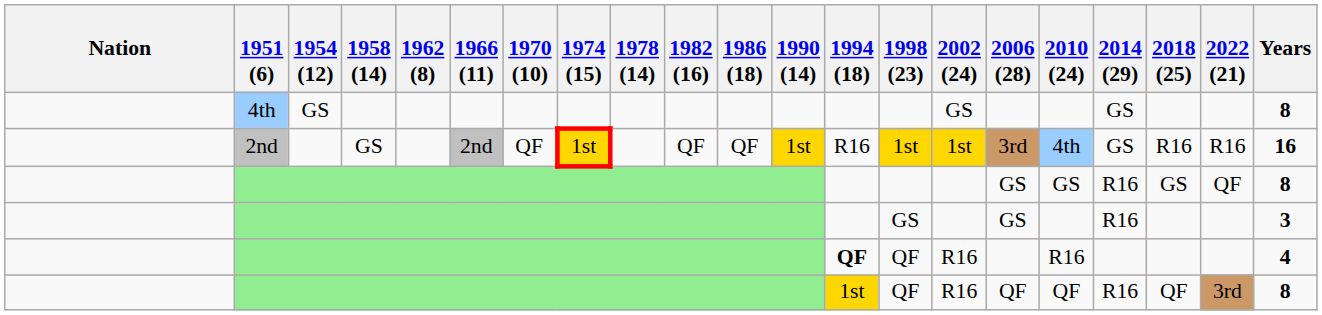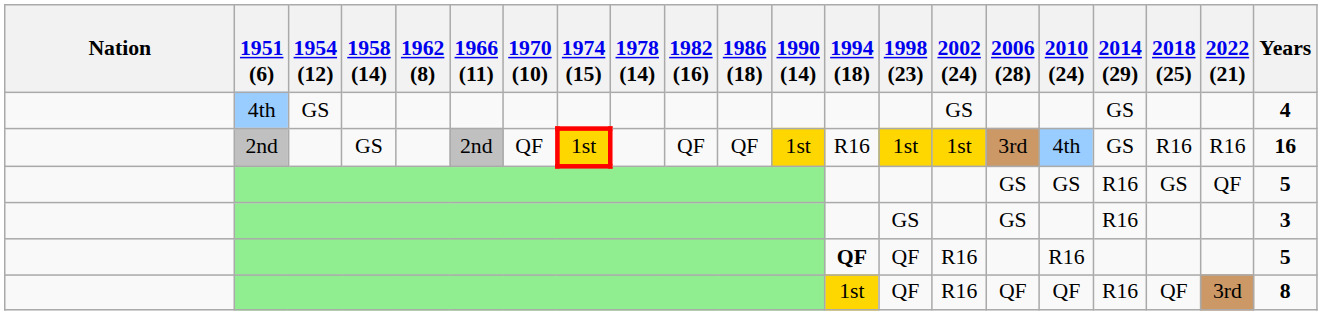 <table class="wikitable" style="text-align:center; font-size:90%">
 <tr>
 <th width=200>Nation</th>
 <th><br><a href='#'>1951</a><br>(6)</th>
 <th><br><a href='#'>1954</a><br>(12)</th>
 <th><br><a href='#'>1958</a><br>(14)</th>
 <th><br><a href='#'>1962</a><br>(8)</th>
 <th><br><a href='#'>1966</a><br>(11)</th>
 <th><br><a href='#'>1970</a><br>(10)</th>
 <th><br><a href='#'>1974</a><br>(15)</th>
 <th><br><a href='#'>1978</a><br>(14)</th>
 <th><br><a href='#'>1982</a><br>(16)</th>
 <th><br><a href='#'>1986</a><br>(18)</th>
 <th><br><a href='#'>1990</a><br>(14)</th>
 <th><br><a href='#'>1994</a><br>(18)</th>
 <th><br><a href='#'>1998</a><br>(23)</th>
 <th><br><a href='#'>2002</a><br>(24)</th>
 <th><br><a href='#'>2006</a><br>(28)</th>
 <th><br><a href='#'>2010</a><br>(24)</th>
 <th><br><a href='#'>2014</a><br>(29)</th>
 <th><br><a href='#'>2018</a><br>(25)</th>
 <th><br><a href='#'>2022</a><br>(21)</th>
 <th>Years</th>
 </tr>
 <tr>
 <td align=left></td>
 <td bgcolor=#9acdff>4th</td>
 <td>GS</td>
 <td></td>
 <td></td>
 <td></td>
 <td></td>
 <td></td>
 <td></td>
 <td></td>
 <td></td>
 <td></td>
 <td></td>
 <td></td>
 <td>GS</td>
 <td></td>
 <td></td>
 <td>GS</td>
 <td></td>
 <td></td>
-<td><strong>8</strong></td>
+<td><strong>4</strong></td>
 </tr>
 <tr>
 <td align=left></td>
 <td bgcolor=silver>2nd</td>
 <td></td>
 <td>GS</td>
 <td></td>
 <td bgcolor=silver>2nd</td>
 <td>QF</td>
 <td style="border: 3px solid red" bgcolor=gold>1st</td>
 <td></td>
 <td>QF</td>
 <td>QF</td>
 <td bgcolor=gold>1st</td>
 <td>R16</td>
 <td bgcolor=gold>1st</td>
 <td bgcolor=gold>1st</td>
 <td bgcolor=#cc9966>3rd</td>
 <td bgcolor=#9acdff>4th</td>
 <td>GS</td>
 <td>R16</td>
 <td>R16</td>
 <td><strong>16</strong></td>
 </tr>
 <tr>
 <td align=left></td>
 <td bgcolor=lightgreen colspan=11><em></em></td>
 <td></td>
 <td></td>
 <td></td>
 <td>GS</td>
 <td>GS</td>
 <td>R16</td>
 <td>GS</td>
 <td>QF</td>
-<td><strong>8</strong></td>
+<td><strong>5</strong></td>
 </tr>
 <tr>
 <td align=left></td>
 <td bgcolor=lightgreen colspan=11><em></em></td>
 <td></td>
 <td>GS</td>
 <td></td>
 <td>GS</td>
 <td></td>
 <td>R16</td>
 <td></td>
 <td></td>
 <td><strong>3</strong></td>
 </tr>
 <tr>
 <td align=left></td>
 <td bgcolor=lightgreen colspan=11><em></em></td>
 <td><strong>QF</strong></td>
 <td>QF</td>
 <td>R16</td>
 <td></td>
 <td>R16</td>
 <td></td>
 <td></td>
 <td></td>
-<td><strong>4</strong></td>
+<td><strong>5</strong></td>
 </tr>
 <tr>
 <td align=left></td>
 <td bgcolor=lightgreen colspan=11><em></em></td>
 <td bgcolor=gold>1st</td>
 <td>QF</td>
 <td>R16</td>
 <td>QF</td>
 <td>QF</td>
 <td>R16</td>
 <td>QF</td>
 <td bgcolor=#cc9966>3rd</td>
 <td><strong>8</strong></td>
 </tr>
 </table>
